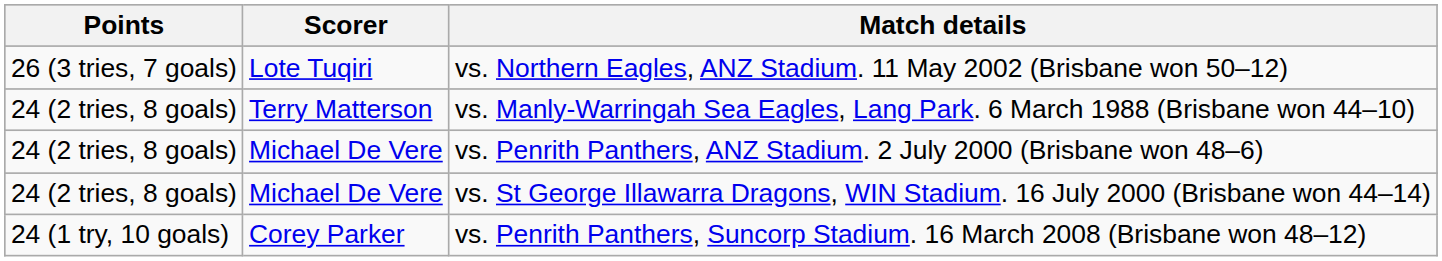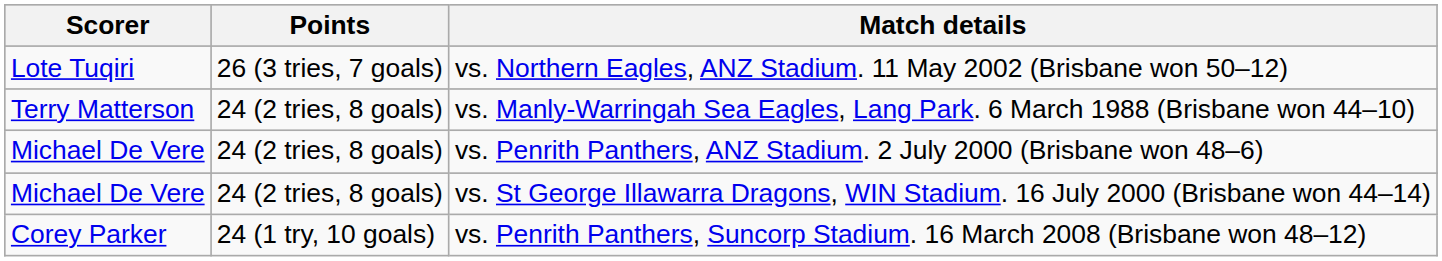 <table class="wikitable">
 <tr>
+<th>Scorer</th>
 <th>Points</th>
-<th>Scorer</th>
 <th>Match details</th>
 </tr>
 <tr>
+<td><a href='#'>Lote Tuqiri</a></td>
 <td>26 (3 tries, 7 goals)</td>
-<td><a href='#'>Lote Tuqiri</a></td>
 <td>vs. <a href='#'>Northern Eagles</a>, <a href='#'>ANZ Stadium</a>. 11 May 2002 (Brisbane won 50–12)</td>
 </tr>
 <tr>
+<td><a href='#'>Terry Matterson</a></td>
 <td>24 (2 tries, 8 goals)</td>
-<td><a href='#'>Terry Matterson</a></td>
 <td>vs. <a href='#'>Manly-Warringah Sea Eagles</a>, <a href='#'>Lang Park</a>. 6 March 1988 (Brisbane won 44–10)</td>
 </tr>
 <tr>
+<td><a href='#'>Michael De Vere</a></td>
 <td>24 (2 tries, 8 goals)</td>
-<td><a href='#'>Michael De Vere</a></td>
 <td>vs. <a href='#'>Penrith Panthers</a>, <a href='#'>ANZ Stadium</a>. 2 July 2000 (Brisbane won 48–6)</td>
 </tr>
 <tr>
+<td><a href='#'>Michael De Vere</a></td>
 <td>24 (2 tries, 8 goals)</td>
-<td><a href='#'>Michael De Vere</a></td>
 <td>vs. <a href='#'>St George Illawarra Dragons</a>, <a href='#'>WIN Stadium</a>. 16 July 2000 (Brisbane won 44–14)</td>
 </tr>
 <tr>
+<td><a href='#'>Corey Parker</a></td>
 <td>24 (1 try, 10 goals)</td>
-<td><a href='#'>Corey Parker</a></td>
 <td>vs. <a href='#'>Penrith Panthers</a>, <a href='#'>Suncorp Stadium</a>. 16 March 2008 (Brisbane won 48–12)</td>
 </tr>
 </table>
